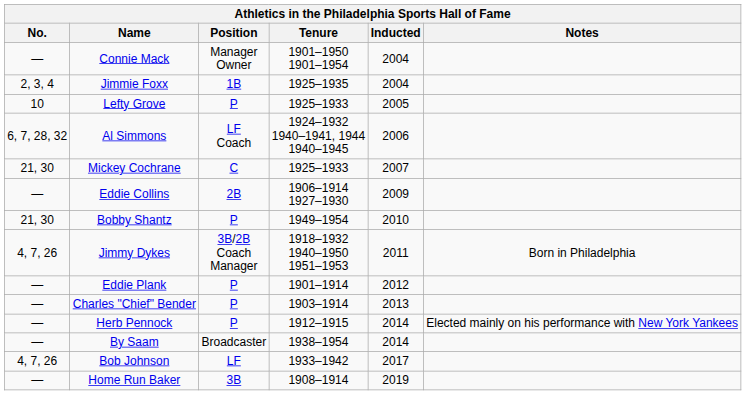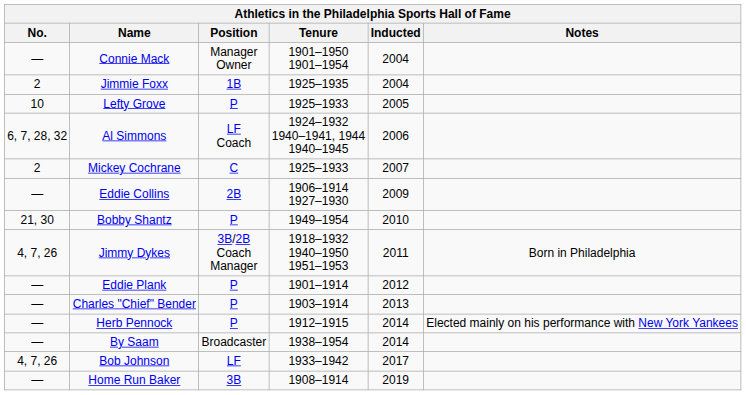 <table class="wikitable" style="text-align:center">
 <tr>
 <th colspan="6"><strong>Athletics in the Philadelphia Sports Hall of Fame</strong></th>
 </tr>
 <tr>
 <th>No.</th>
 <th>Name</th>
 <th>Position</th>
 <th>Tenure</th>
 <th>Inducted</th>
 <th>Notes</th>
 </tr>
 <tr>
 <td>—</td>
 <td><a href='#'>Connie Mack</a></td>
 <td>Manager<br>Owner</td>
 <td>1901–1950<br>1901–1954</td>
 <td>2004</td>
 <td></td>
 </tr>
 <tr>
-<td>2, 3, 4</td>
+<td>2</td>
 <td><a href='#'>Jimmie Foxx</a></td>
 <td><a href='#'>1B</a></td>
 <td>1925–1935</td>
 <td>2004</td>
 <td></td>
 </tr>
 <tr>
 <td>10</td>
 <td><a href='#'>Lefty Grove</a></td>
 <td><a href='#'>P</a></td>
 <td>1925–1933</td>
 <td>2005</td>
 <td></td>
 </tr>
 <tr>
 <td>6, 7, 28, 32</td>
 <td><a href='#'>Al Simmons</a></td>
 <td><a href='#'>LF</a><br>Coach</td>
 <td>1924–1932<br>1940–1941, 1944<br>1940–1945</td>
 <td>2006</td>
 <td></td>
 </tr>
 <tr>
-<td>21, 30</td>
+<td>2</td>
 <td><a href='#'>Mickey Cochrane</a></td>
 <td><a href='#'>C</a></td>
 <td>1925–1933</td>
 <td>2007</td>
 <td></td>
 </tr>
 <tr>
 <td>—</td>
 <td><a href='#'>Eddie Collins</a></td>
 <td><a href='#'>2B</a></td>
 <td>1906–1914<br>1927–1930</td>
 <td>2009</td>
 <td></td>
 </tr>
 <tr>
 <td>21, 30</td>
 <td><a href='#'>Bobby Shantz</a></td>
 <td><a href='#'>P</a></td>
 <td>1949–1954</td>
 <td>2010</td>
 <td></td>
 </tr>
 <tr>
 <td>4, 7, 26</td>
 <td><a href='#'>Jimmy Dykes</a></td>
 <td><a href='#'>3B</a>/<a href='#'>2B</a><br>Coach<br>Manager</td>
 <td>1918–1932<br>1940–1950<br>1951–1953</td>
 <td>2011</td>
 <td>Born in Philadelphia</td>
 </tr>
 <tr>
 <td>—</td>
 <td><a href='#'>Eddie Plank</a></td>
 <td><a href='#'>P</a></td>
 <td>1901–1914</td>
 <td>2012</td>
 <td></td>
 </tr>
 <tr>
 <td>—</td>
 <td><a href='#'>Charles "Chief" Bender</a></td>
 <td><a href='#'>P</a></td>
 <td>1903–1914</td>
 <td>2013</td>
 <td></td>
 </tr>
 <tr>
 <td>—</td>
 <td><a href='#'>Herb Pennock</a></td>
 <td><a href='#'>P</a></td>
 <td>1912–1915</td>
 <td>2014</td>
 <td>Elected mainly on his performance with <a href='#'>New York Yankees</a></td>
 </tr>
 <tr>
 <td>—</td>
 <td><a href='#'>By Saam</a></td>
 <td>Broadcaster</td>
 <td>1938–1954</td>
 <td>2014</td>
 <td></td>
 </tr>
 <tr>
 <td>4, 7, 26</td>
 <td><a href='#'>Bob Johnson</a></td>
 <td><a href='#'>LF</a></td>
 <td>1933–1942</td>
 <td>2017</td>
 <td></td>
 </tr>
 <tr>
 <td>—</td>
 <td><a href='#'>Home Run Baker</a></td>
 <td><a href='#'>3B</a></td>
 <td>1908–1914</td>
 <td>2019</td>
 <td></td>
 </tr>
 </table>
